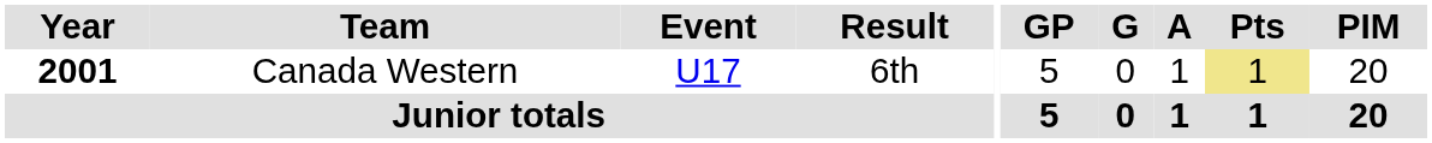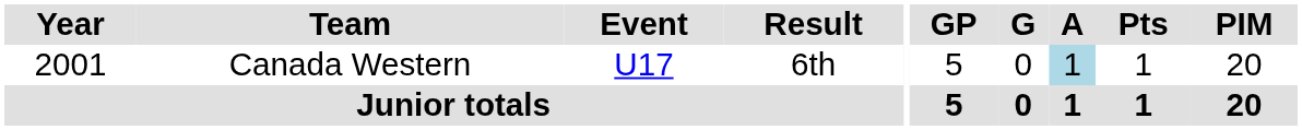 <table border="0" cellpadding="1" cellspacing="0" ID="Table3" style="text-align:center; width:40em">
 <tr ALIGN="centre" bgcolor="#e0e0e0">
 <th>Year</th>
 <th>Team</th>
 <th>Event</th>
 <th>Result</th>
 <th rowspan="99" bgcolor="#ffffff"></th>
 <th>GP</th>
 <th>G</th>
 <th>A</th>
 <th>Pts</th>
 <th>PIM</th>
 </tr>
 <tr>
-<td><strong>2001</strong></td>
+<td>2001</td>
 <td>Canada Western</td>
 <td><a href='#'>U17</a></td>
 <td>6th</td>
 <td>5</td>
 <td>0</td>
+<td style="background: lightblue;">1</td>
 <td>1</td>
-<td style="background: khaki;">1</td>
 <td>20</td>
 </tr>
 <tr bgcolor="#e0e0e0">
 <th colspan="4">Junior totals</th>
 <th>5</th>
 <th>0</th>
 <th>1</th>
 <th>1</th>
 <th>20</th>
 </tr>
 </table>
